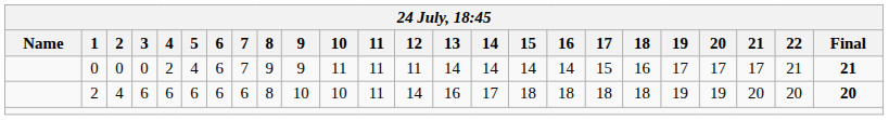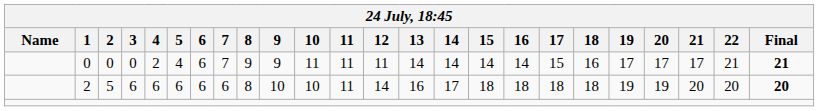 <table class=wikitable style="text-align:center; width: 55%">
 <tr>
 <th colspan=24><em>24 July, 18:45</em></th>
 </tr>
 <tr>
 <th>Name</th>
 <th>1</th>
 <th>2</th>
 <th>3</th>
 <th>4</th>
 <th>5</th>
 <th>6</th>
 <th>7</th>
 <th>8</th>
 <th>9</th>
 <th>10</th>
 <th>11</th>
 <th>12</th>
 <th>13</th>
 <th>14</th>
 <th>15</th>
 <th>16</th>
 <th>17</th>
 <th>18</th>
 <th>19</th>
 <th>20</th>
 <th>21</th>
 <th>22</th>
 <th>Final</th>
 </tr>
 <tr>
 <td align=left><strong></strong></td>
 <td>0</td>
 <td>0</td>
 <td>0</td>
 <td>2</td>
 <td>4</td>
 <td>6</td>
 <td>7</td>
 <td>9</td>
 <td>9</td>
 <td>11</td>
 <td>11</td>
 <td>11</td>
 <td>14</td>
 <td>14</td>
 <td>14</td>
 <td>14</td>
 <td>15</td>
 <td>16</td>
 <td>17</td>
 <td>17</td>
 <td>17</td>
 <td>21</td>
 <td><strong>21</strong></td>
 </tr>
 <tr>
 <td align=left></td>
 <td>2</td>
-<td>4</td>
+<td>5</td>
 <td>6</td>
 <td>6</td>
 <td>6</td>
 <td>6</td>
 <td>6</td>
 <td>8</td>
 <td>10</td>
 <td>10</td>
 <td>11</td>
 <td>14</td>
 <td>16</td>
 <td>17</td>
 <td>18</td>
 <td>18</td>
 <td>18</td>
 <td>18</td>
 <td>19</td>
 <td>19</td>
 <td>20</td>
 <td>20</td>
 <td><strong>20</strong></td>
 </tr>
 <tr>
 <td colspan=24></td>
 </tr>
 </table>
